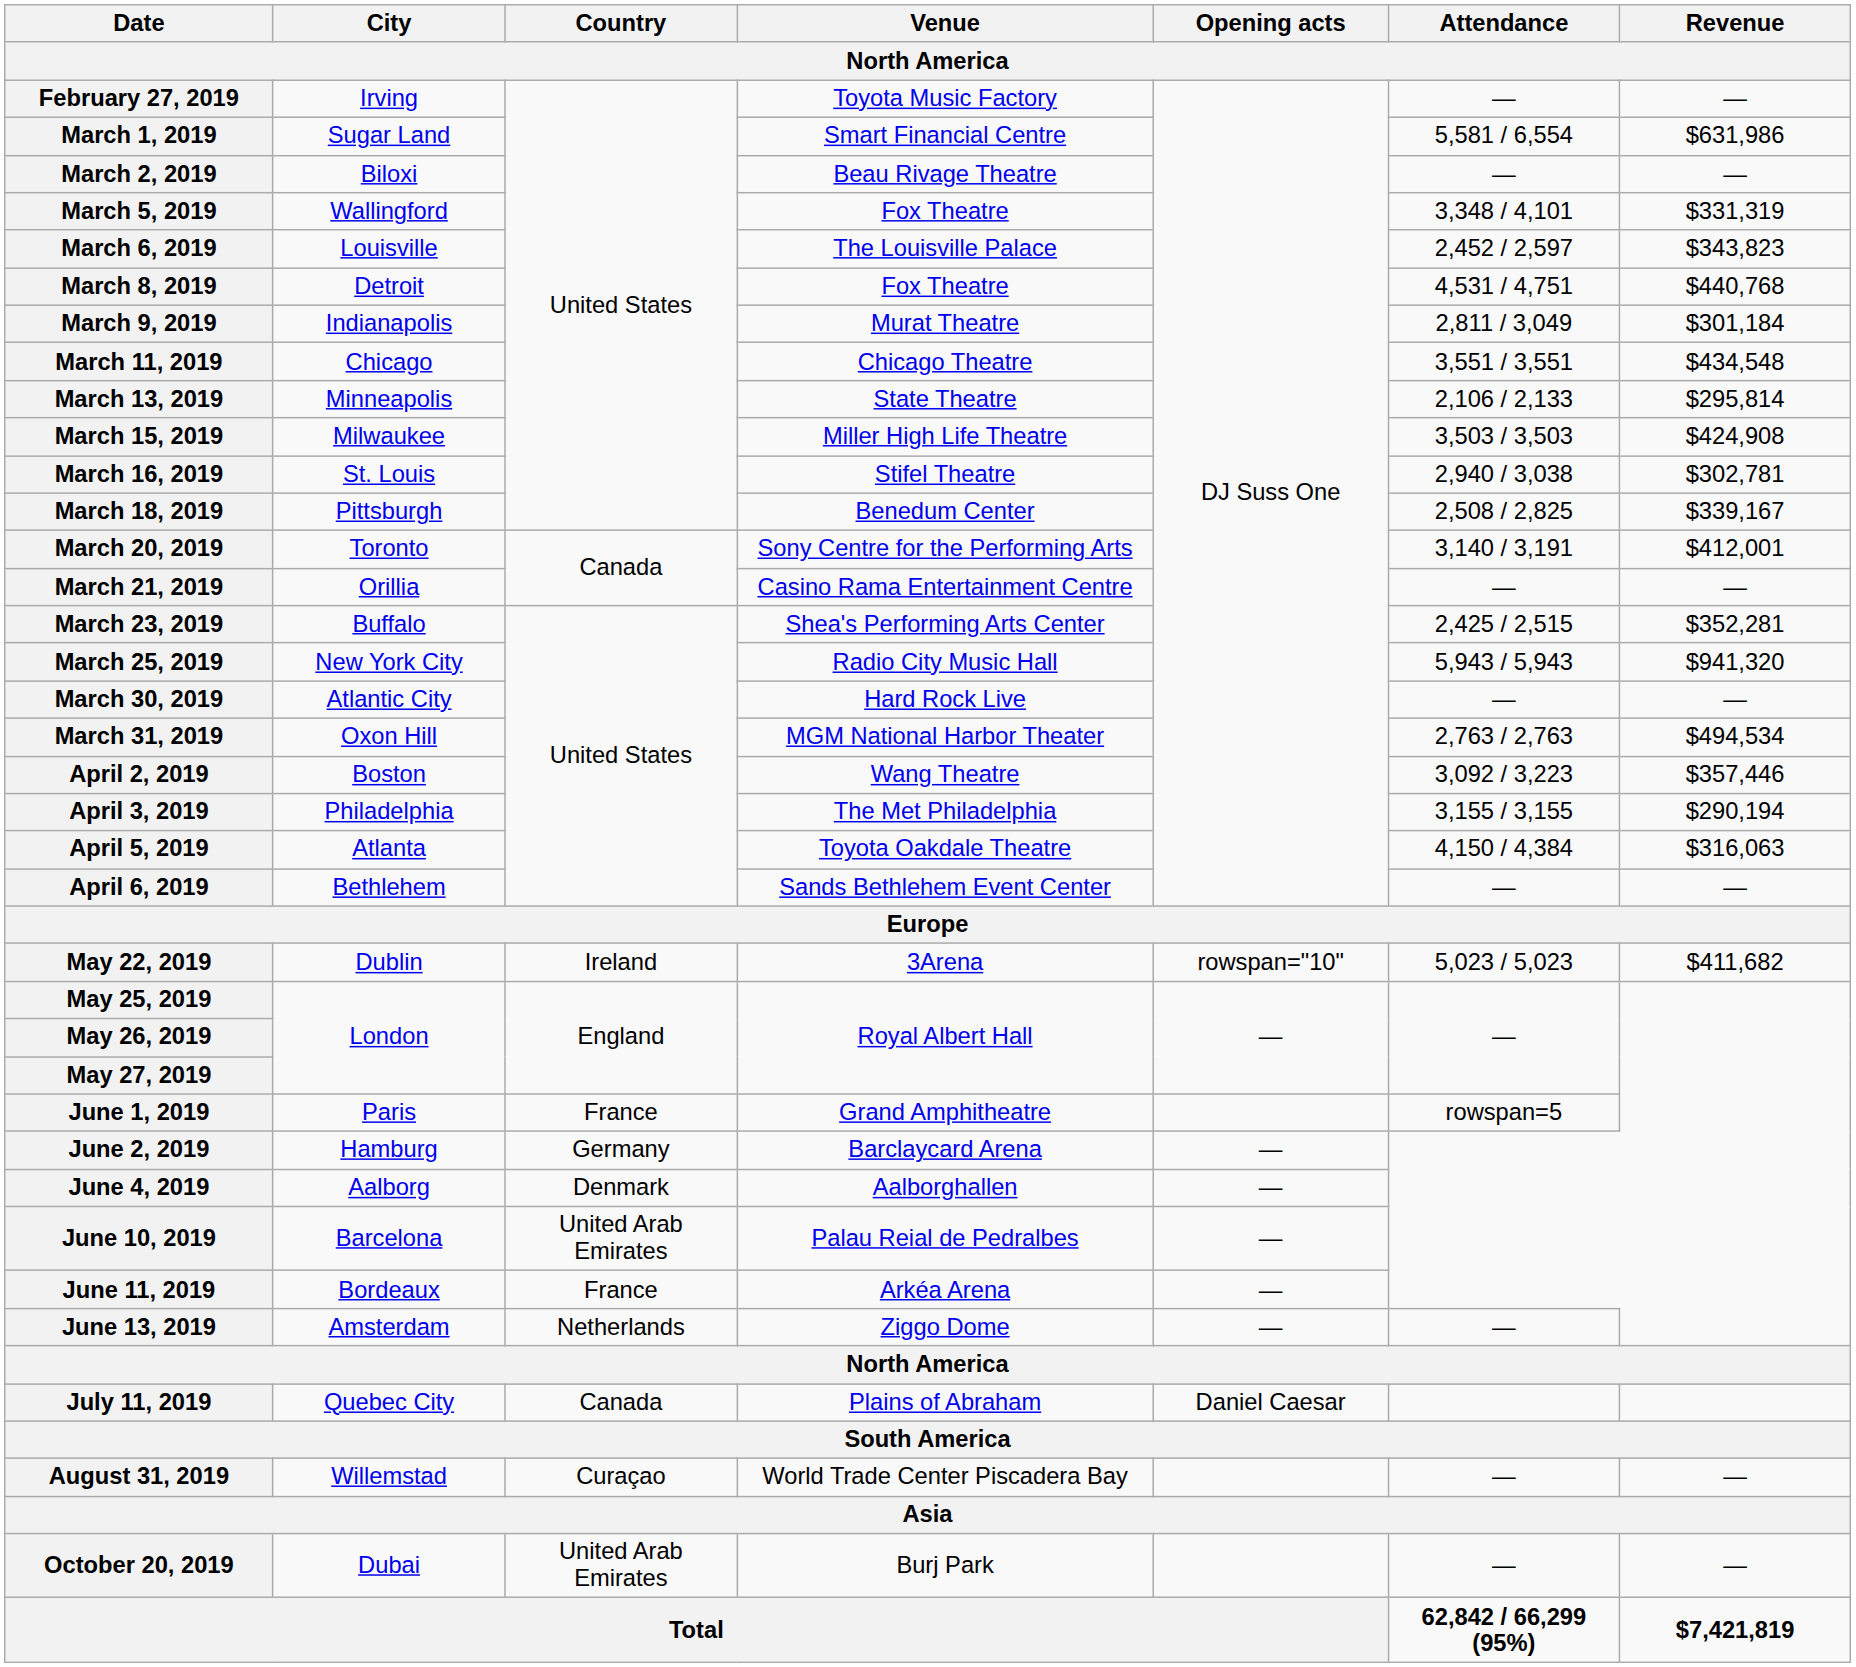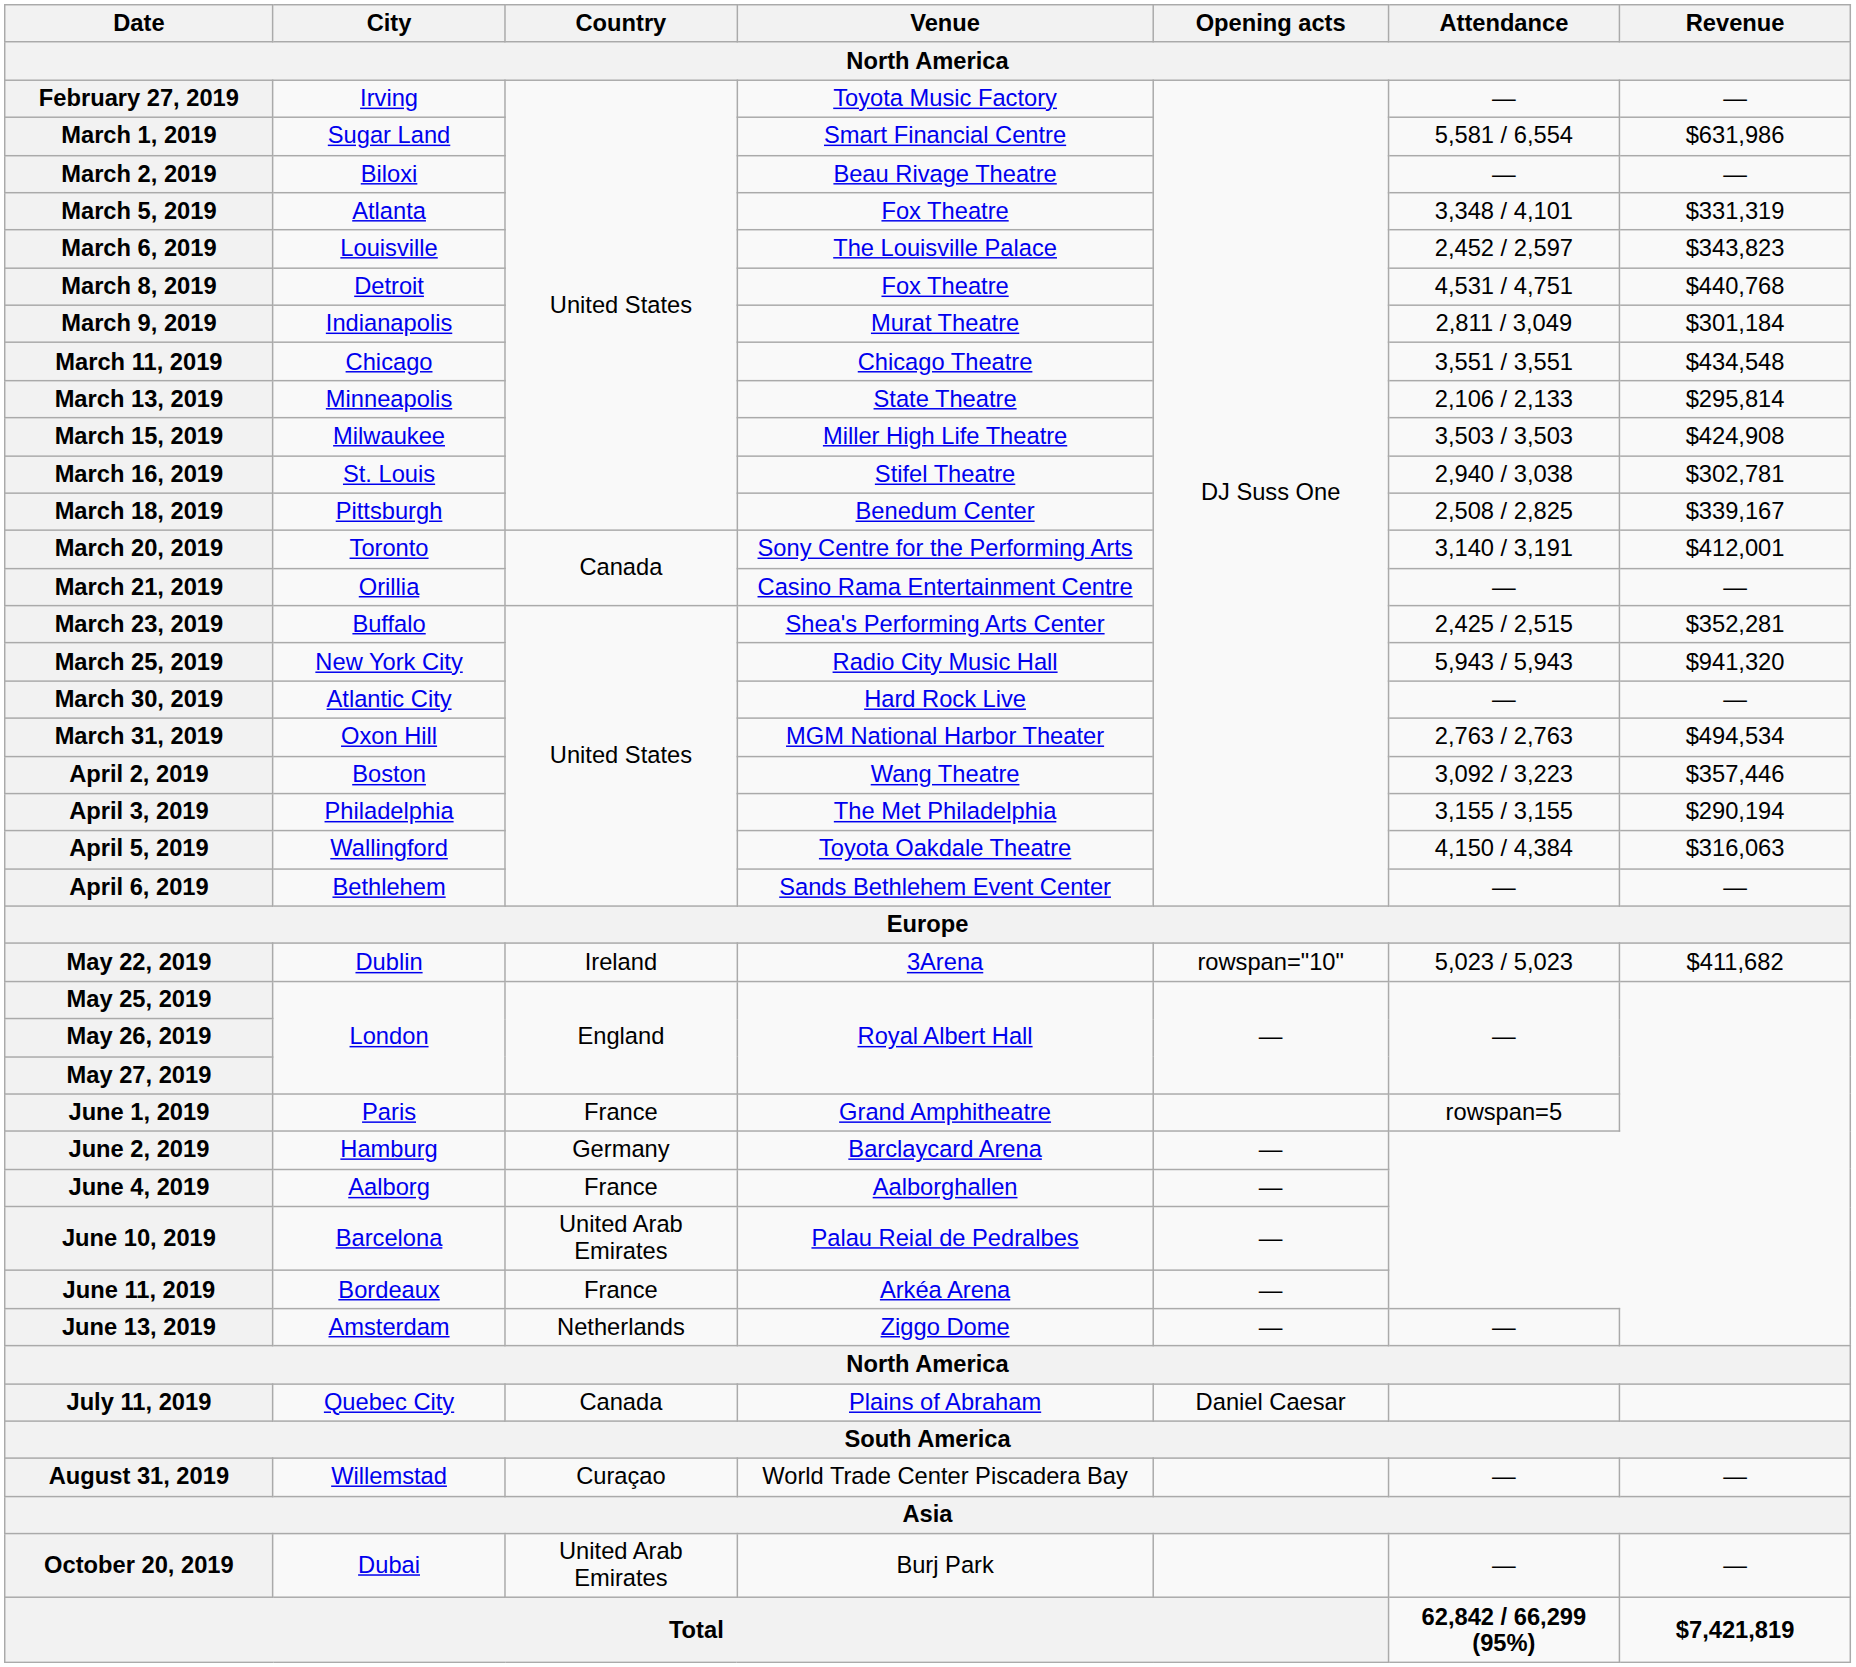 <table class="wikitable plainrowheaders" style="text-align:center;">
 <tr>
 <th scope="col" style="width:12em;">Date</th>
 <th scope="col" style="width:10em;">City</th>
 <th scope="col" style="width:10em;">Country</th>
 <th scope="col" style="width:19em;">Venue</th>
 <th scope="col" style="width:10em;">Opening acts</th>
 <th scope="col" style="width:10em;">Attendance</th>
 <th scope="col" style="width:10em;">Revenue</th>
 </tr>
 <tr>
 <th colspan="7">North America</th>
 </tr>
 <tr>
 <th scope="row" style="text-align:center;">February 27, 2019</th>
 <td><a href='#'>Irving</a></td>
 <td rowspan="12">United States</td>
 <td><a href='#'>Toyota Music Factory</a></td>
 <td rowspan="22">DJ Suss One</td>
 <td>—</td>
 <td>—</td>
 </tr>
 <tr>
 <th scope="row" style="text-align:center;">March 1, 2019</th>
 <td><a href='#'>Sugar Land</a></td>
 <td><a href='#'>Smart Financial Centre</a></td>
 <td>5,581 / 6,554</td>
 <td>$631,986</td>
 </tr>
 <tr>
 <th scope="row" style="text-align:center;">March 2, 2019</th>
 <td><a href='#'>Biloxi</a></td>
 <td><a href='#'>Beau Rivage Theatre</a></td>
 <td>—</td>
 <td>—</td>
 </tr>
 <tr>
 <th scope="row" style="text-align:center;">March 5, 2019</th>
-<td><a href='#'>Wallingford</a></td>
+<td><a href='#'>Atlanta</a></td>
 <td><a href='#'>Fox Theatre</a></td>
 <td>3,348 / 4,101</td>
 <td>$331,319</td>
 </tr>
 <tr>
 <th scope="row" style="text-align:center;">March 6, 2019</th>
 <td><a href='#'>Louisville</a></td>
 <td><a href='#'>The Louisville Palace</a></td>
 <td>2,452 / 2,597</td>
 <td>$343,823</td>
 </tr>
 <tr>
 <th scope="row" style="text-align:center;">March 8, 2019</th>
 <td><a href='#'>Detroit</a></td>
 <td><a href='#'>Fox Theatre</a></td>
 <td>4,531 / 4,751</td>
 <td>$440,768</td>
 </tr>
 <tr>
 <th scope="row" style="text-align:center;">March 9, 2019</th>
 <td><a href='#'>Indianapolis</a></td>
 <td><a href='#'>Murat Theatre</a></td>
 <td>2,811 / 3,049</td>
 <td>$301,184</td>
 </tr>
 <tr>
 <th scope="row" style="text-align:center;">March 11, 2019</th>
 <td><a href='#'>Chicago</a></td>
 <td><a href='#'>Chicago Theatre</a></td>
 <td>3,551 / 3,551</td>
 <td>$434,548</td>
 </tr>
 <tr>
 <th scope="row" style="text-align:center;">March 13, 2019</th>
 <td><a href='#'>Minneapolis</a></td>
 <td><a href='#'>State Theatre</a></td>
 <td>2,106 / 2,133</td>
 <td>$295,814</td>
 </tr>
 <tr>
 <th scope="row" style="text-align:center;">March 15, 2019</th>
 <td><a href='#'>Milwaukee</a></td>
 <td><a href='#'>Miller High Life Theatre</a></td>
 <td>3,503 / 3,503</td>
 <td>$424,908</td>
 </tr>
 <tr>
 <th scope="row" style="text-align:center;">March 16, 2019</th>
 <td><a href='#'>St. Louis</a></td>
 <td><a href='#'>Stifel Theatre</a></td>
 <td>2,940 / 3,038</td>
 <td>$302,781</td>
 </tr>
 <tr>
 <th scope="row" style="text-align:center;">March 18, 2019</th>
 <td><a href='#'>Pittsburgh</a></td>
 <td><a href='#'>Benedum Center</a></td>
 <td>2,508 / 2,825</td>
 <td>$339,167</td>
 </tr>
 <tr>
 <th scope="row" style="text-align:center;">March 20, 2019</th>
 <td><a href='#'>Toronto</a></td>
 <td rowspan="2">Canada</td>
 <td><a href='#'>Sony Centre for the Performing Arts</a></td>
 <td>3,140 / 3,191</td>
 <td>$412,001</td>
 </tr>
 <tr>
 <th scope="row" style="text-align:center;">March 21, 2019</th>
 <td><a href='#'>Orillia</a></td>
 <td><a href='#'>Casino Rama Entertainment Centre</a></td>
 <td>—</td>
 <td>—</td>
 </tr>
 <tr>
 <th scope="row" style="text-align:center;">March 23, 2019</th>
 <td><a href='#'>Buffalo</a></td>
 <td rowspan="8">United States</td>
 <td><a href='#'>Shea's Performing Arts Center</a></td>
 <td>2,425 / 2,515</td>
 <td>$352,281</td>
 </tr>
 <tr>
 <th scope="row" style="text-align:center;">March 25, 2019</th>
 <td><a href='#'>New York City</a></td>
 <td><a href='#'>Radio City Music Hall</a></td>
 <td>5,943 / 5,943</td>
 <td>$941,320</td>
 </tr>
 <tr>
 <th scope="row" style="text-align:center;">March 30, 2019</th>
 <td><a href='#'>Atlantic City</a></td>
 <td><a href='#'>Hard Rock Live</a></td>
 <td>—</td>
 <td>—</td>
 </tr>
 <tr>
 <th scope="row" style="text-align:center;">March 31, 2019</th>
 <td><a href='#'>Oxon Hill</a></td>
 <td><a href='#'>MGM National Harbor Theater</a></td>
 <td>2,763 / 2,763</td>
 <td>$494,534</td>
 </tr>
 <tr>
 <th scope="row" style="text-align:center;">April 2, 2019</th>
 <td><a href='#'>Boston</a></td>
 <td><a href='#'>Wang Theatre</a></td>
 <td>3,092 / 3,223</td>
 <td>$357,446</td>
 </tr>
 <tr>
 <th scope="row" style="text-align:center;">April 3, 2019</th>
 <td><a href='#'>Philadelphia</a></td>
 <td><a href='#'>The Met Philadelphia</a></td>
 <td>3,155 / 3,155</td>
 <td>$290,194</td>
 </tr>
 <tr>
 <th scope="row" style="text-align:center;">April 5, 2019</th>
-<td><a href='#'>Atlanta</a></td>
+<td><a href='#'>Wallingford</a></td>
 <td><a href='#'>Toyota Oakdale Theatre</a></td>
 <td>4,150 / 4,384</td>
 <td>$316,063</td>
 </tr>
 <tr>
 <th scope="row" style="text-align:center;">April 6, 2019</th>
 <td><a href='#'>Bethlehem</a></td>
 <td><a href='#'>Sands Bethlehem Event Center</a></td>
 <td>—</td>
 <td>—</td>
 </tr>
 <tr>
 <th colspan="7">Europe</th>
 </tr>
 <tr>
 <th scope="row" style="text-align:center;">May 22, 2019</th>
 <td><a href='#'>Dublin</a></td>
 <td>Ireland</td>
 <td><a href='#'>3Arena</a></td>
 <td>rowspan="10"  </td>
 <td>5,023 / 5,023</td>
 <td>$411,682</td>
 </tr>
 <tr>
 <th scope="row" style="text-align:center;">May 25, 2019</th>
 <td rowspan="3"><a href='#'>London</a></td>
 <td rowspan="3">England</td>
 <td rowspan="3"><a href='#'>Royal Albert Hall</a></td>
 <td rowspan=3>—</td>
 <td rowspan=3>—</td>
 </tr>
 <tr>
 <th scope="row" style="text-align:center;">May 26, 2019</th>
 </tr>
 <tr>
 <th scope="row" style="text-align:center;">May 27, 2019</th>
 </tr>
 <tr>
 <th scope="row" style="text-align:center;">June 1, 2019</th>
 <td><a href='#'>Paris</a></td>
 <td>France</td>
 <td><a href='#'>Grand Amphitheatre</a></td>
 <td></td>
 <td>rowspan=5 </td>
 </tr>
 <tr>
 <th scope="row" style="text-align:center;">June 2, 2019</th>
 <td><a href='#'>Hamburg</a></td>
 <td>Germany</td>
 <td><a href='#'>Barclaycard Arena</a></td>
 <td>—</td>
 </tr>
 <tr>
 <th scope="row" style="text-align:center;">June 4, 2019</th>
 <td><a href='#'>Aalborg</a></td>
-<td>Denmark</td>
+<td>France</td>
 <td><a href='#'>Aalborghallen</a></td>
 <td>—</td>
 </tr>
 <tr>
 <th scope="row" style="text-align:center;">June 10, 2019</th>
 <td><a href='#'>Barcelona</a></td>
 <td>United Arab Emirates</td>
 <td><a href='#'>Palau Reial de Pedralbes</a></td>
 <td>—</td>
 </tr>
 <tr>
 <th scope="row" style="text-align:center;">June 11, 2019</th>
 <td><a href='#'>Bordeaux</a></td>
 <td>France</td>
 <td><a href='#'>Arkéa Arena</a></td>
 <td>—</td>
 </tr>
 <tr>
 <th scope="row" style="text-align:center;">June 13, 2019</th>
 <td><a href='#'>Amsterdam</a></td>
 <td>Netherlands</td>
 <td><a href='#'>Ziggo Dome</a></td>
 <td>—</td>
 <td>—</td>
 </tr>
 <tr>
 <th colspan="7">North America</th>
 </tr>
 <tr>
 <th scope="row" style="text-align:center;">July 11, 2019</th>
 <td><a href='#'>Quebec City</a></td>
 <td>Canada</td>
 <td><a href='#'>Plains of Abraham</a></td>
 <td>Daniel Caesar</td>
 <td></td>
 <td></td>
 </tr>
 <tr>
 <th colspan="7">South America</th>
 </tr>
 <tr>
 <th scope="row" style="text-align:center;">August 31, 2019</th>
 <td><a href='#'>Willemstad</a></td>
 <td>Curaçao</td>
 <td>World Trade Center Piscadera Bay</td>
 <td></td>
 <td>—</td>
 <td>—</td>
 </tr>
 <tr>
 <th colspan="7">Asia</th>
 </tr>
 <tr>
 <th scope="row" style="text-align:center;">October 20, 2019</th>
 <td><a href='#'>Dubai</a></td>
 <td>United Arab Emirates</td>
 <td>Burj Park</td>
 <td></td>
 <td>—</td>
 <td>—</td>
 </tr>
 <tr>
 <th colspan="5">Total</th>
 <td><strong>62,842 / 66,299 (95%)</strong></td>
 <td><strong>$7,421,819</strong></td>
 </tr>
 </table>
